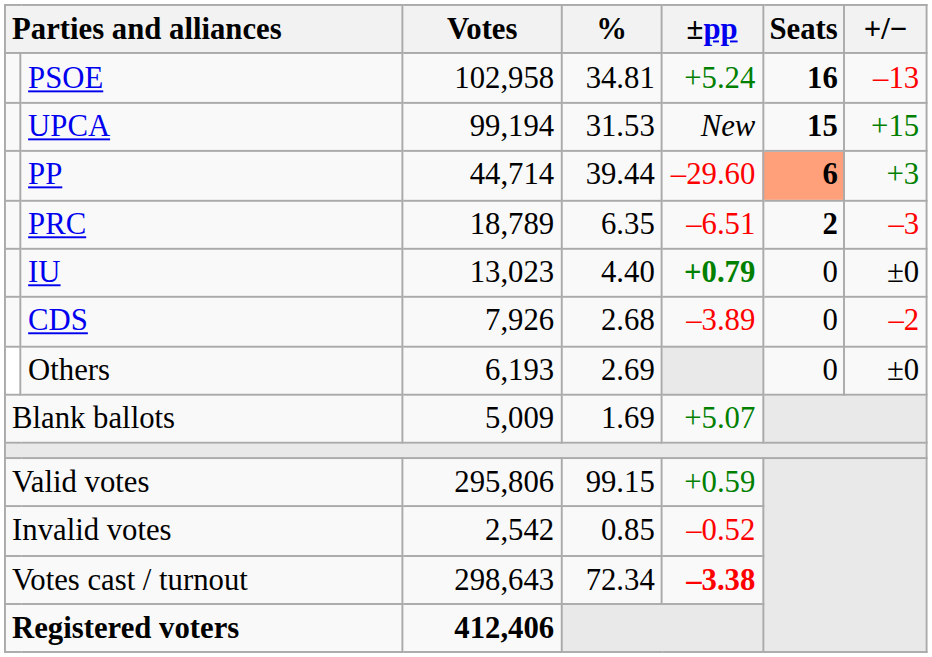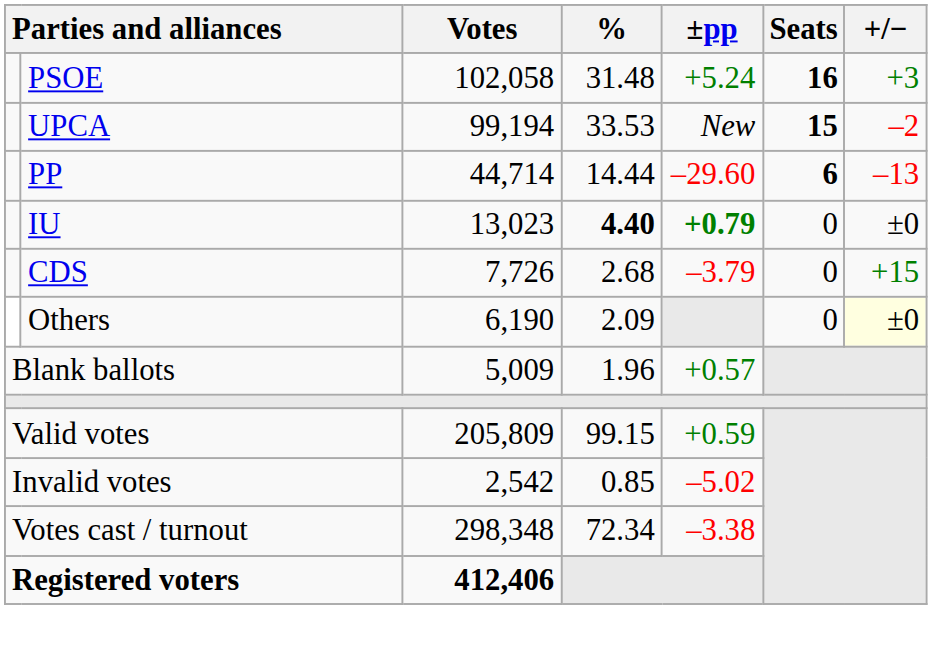 <table class="wikitable" style="text-align:right;">
 <tr>
 <th style="text-align:left;" colspan="2" width="200">Parties and alliances</th>
 <th width="75">Votes</th>
 <th width="45">%</th>
 <th width="45">±<a href='#'>pp</a></th>
 <th width="35">Seats</th>
 <th width="35">+/−</th>
 </tr>
 <tr>
 <td width="1" style="color:inherit;background:"></td>
 <td align="left"><a href='#'>PSOE</a></td>
-<td>102,958</td>
-<td>34.81</td>
+<td>102,058</td>
+<td>31.48</td>
 <td style="color:green;">+5.24</td>
 <td><strong>16</strong></td>
-<td style="color:red;">–13</td>
+<td style="color:green;">+3</td>
 </tr>
 <tr>
 <td style="color:inherit;background:"></td>
 <td align="left"><a href='#'>UPCA</a></td>
 <td>99,194</td>
-<td>31.53</td>
+<td>33.53</td>
 <td><em>New</em></td>
 <td><strong>15</strong></td>
-<td style="color:green;">+15</td>
+<td style="color:red;">–2</td>
 </tr>
 <tr>
 <td style="color:inherit;background:"></td>
 <td align="left"><a href='#'>PP</a></td>
 <td>44,714</td>
-<td>39.44</td>
+<td>14.44</td>
 <td style="color:red;">–29.60</td>
-<td style="background: lightsalmon;"><strong>6</strong></td>
-<td style="color:green;">+3</td>
-</tr>
-<tr>
-<td style="color:inherit;background:"></td>
-<td align="left"><a href='#'>PRC</a></td>
-<td>18,789</td>
-<td>6.35</td>
-<td style="color:red;">–6.51</td>
-<td><strong>2</strong></td>
-<td style="color:red;">–3</td>
+<td><strong>6</strong></td>
+<td style="color:red;">–13</td>
 </tr>
 <tr>
 <td style="color:inherit;background:"></td>
 <td align="left"><a href='#'>IU</a></td>
 <td>13,023</td>
-<td>4.40</td>
+<td><strong>4.40</strong></td>
 <td style="color:green;"><strong>+0.79</strong></td>
 <td>0</td>
 <td>±0</td>
 </tr>
 <tr>
 <td style="color:inherit;background:"></td>
 <td align="left"><a href='#'>CDS</a></td>
-<td>7,926</td>
+<td>7,726</td>
 <td>2.68</td>
-<td style="color:red;">–3.89</td>
+<td style="color:red;">–3.79</td>
 <td>0</td>
-<td style="color:red;">–2</td>
+<td style="color:green;">+15</td>
 </tr>
 <tr>
 <td bgcolor="white"></td>
 <td align="left">Others</td>
-<td>6,193</td>
-<td>2.69</td>
+<td>6,190</td>
+<td>2.09</td>
 <td bgcolor="#E9E9E9"></td>
 <td>0</td>
-<td>±0</td>
+<td style="background: lightyellow;">±0</td>
 </tr>
 <tr>
 <td align="left" colspan="2">Blank ballots</td>
 <td>5,009</td>
-<td>1.69</td>
-<td style="color:green;">+5.07</td>
+<td>1.96</td>
+<td style="color:green;">+0.57</td>
 <td bgcolor="#E9E9E9" colspan="2"></td>
 </tr>
 <tr>
 <td colspan="7" bgcolor="#E9E9E9"></td>
 </tr>
 <tr>
 <td align="left" colspan="2">Valid votes</td>
-<td>295,806</td>
+<td>205,809</td>
 <td>99.15</td>
 <td style="color:green;">+0.59</td>
 <td bgcolor="#E9E9E9" colspan="2" rowspan="4"></td>
 </tr>
 <tr>
 <td align="left" colspan="2">Invalid votes</td>
 <td>2,542</td>
 <td>0.85</td>
-<td style="color:red;">–0.52</td>
+<td style="color:red;">–5.02</td>
 </tr>
 <tr>
 <td align="left" colspan="2">Votes cast / turnout</td>
-<td>298,643</td>
+<td>298,348</td>
 <td>72.34</td>
-<td style="color:red;"><strong>–3.38</strong></td>
+<td style="color:red;">–3.38</td>
 </tr>
 <tr style="font-weight:bold;">
 <td align="left" colspan="2">Registered voters</td>
 <td>412,406</td>
 <td bgcolor="#E9E9E9" colspan="2"></td>
 </tr>
 </table>
